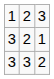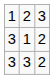 <table class="wikitable">
 <tr>
 <td>1</td>
 <td>2</td>
 <td>3</td>
 </tr>
 <tr>
 <td>3</td>
+<td>1</td>
 <td>2</td>
-<td>1</td>
 </tr>
 <tr>
 <td>3</td>
 <td>3</td>
 <td>2</td>
 </tr>
 </table>
